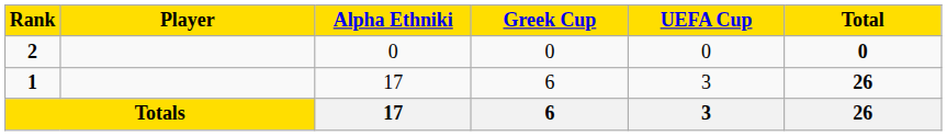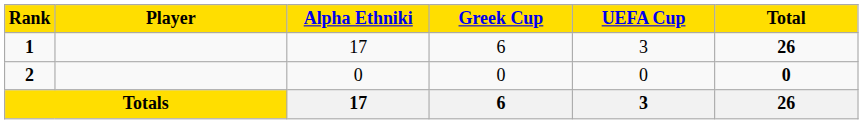 <table class="wikitable sortable" style="text-align:center">
 <tr>
 <th style="background:#FFDE00">Rank</th>
 <th width=200 style="background:#FFDE00">Player</th>
 <th width=120 style="background:#FFDE00"><a href='#'>Alpha Ethniki</a></th>
 <th width=120 style="background:#FFDE00"><a href='#'>Greek Cup</a></th>
 <th width=120 style="background:#FFDE00"><a href='#'>UEFA Cup</a></th>
 <th width=120 style="background:#FFDE00">Total</th>
 </tr>
 <tr>
+<td><strong>1</strong></td>
+<td align=left></td>
+<td>17</td>
+<td>6</td>
+<td>3</td>
+<td><strong>26</strong></td>
+</tr>
+<tr>
 <td><strong>2</strong></td>
 <td align=left></td>
 <td>0</td>
 <td>0</td>
 <td>0</td>
 <td><strong>0</strong></td>
-</tr>
-<tr>
-<td><strong>1</strong></td>
-<td align=left></td>
-<td>17</td>
-<td>6</td>
-<td>3</td>
-<td><strong>26</strong></td>
 </tr>
 <tr class="sortbottom">
 <th colspan=2 style="background:#FFDE00"><strong>Totals</strong></th>
 <th><strong>17</strong></th>
 <th><strong> 6</strong></th>
 <th><strong> 3</strong></th>
 <th><strong>26</strong></th>
 </tr>
 </table>
